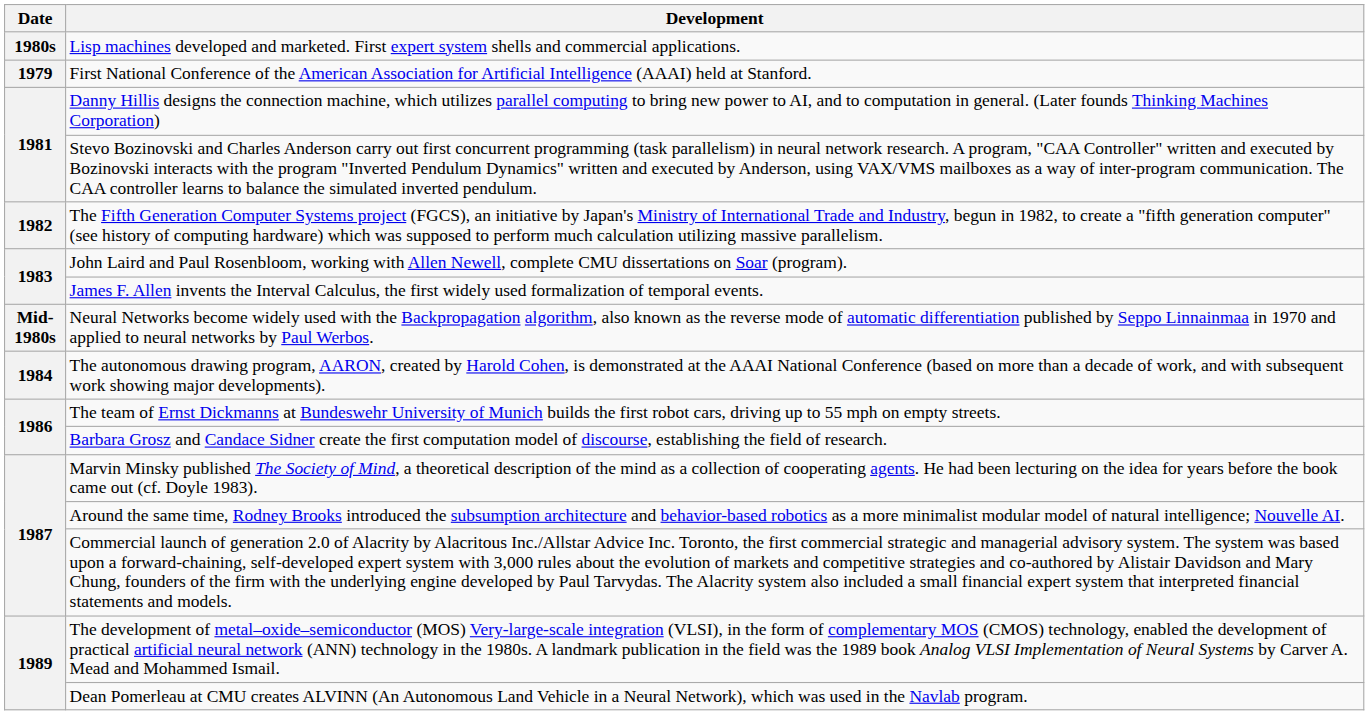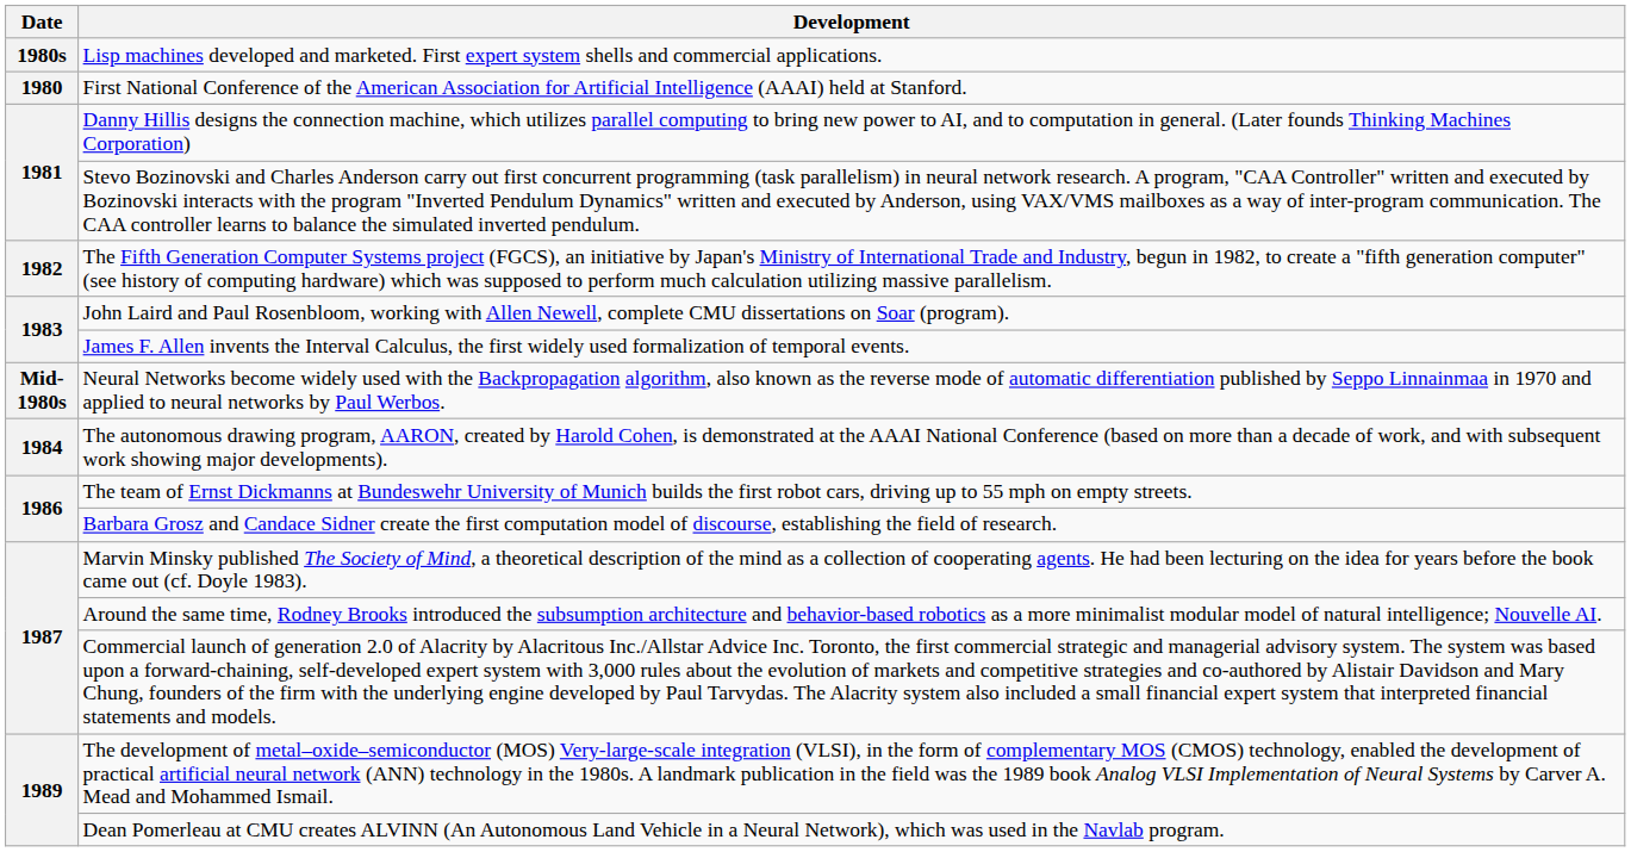 <table class="wikitable">
 <tr>
 <th>Date</th>
 <th>Development</th>
 </tr>
 <tr>
 <th>1980s</th>
 <td><a href='#'>Lisp machines</a> developed and marketed. First <a href='#'>expert system</a> shells and commercial applications.</td>
 </tr>
 <tr>
-<th>1979</th>
+<th>1980</th>
 <td>First National Conference of the <a href='#'>American Association for Artificial Intelligence</a> (AAAI) held at Stanford.</td>
 </tr>
 <tr>
 <th rowspan=2>1981</th>
 <td><a href='#'>Danny Hillis</a> designs the connection machine, which utilizes <a href='#'>parallel computing</a> to bring new power to AI, and to computation in general. (Later founds <a href='#'>Thinking Machines Corporation</a>)</td>
 </tr>
 <tr>
 <td>Stevo Bozinovski and Charles Anderson carry out first concurrent programming (task parallelism) in neural network research. A program, "CAA Controller" written and executed by Bozinovski interacts with the program "Inverted Pendulum Dynamics" written and executed by Anderson, using VAX/VMS mailboxes as a way of inter-program communication. The CAA controller learns to balance the simulated inverted pendulum.</td>
 </tr>
 <tr>
 <th>1982</th>
 <td>The <a href='#'>Fifth Generation Computer Systems project</a> (FGCS), an initiative by Japan's <a href='#'>Ministry of International Trade and Industry</a>, begun in 1982, to create a "fifth generation computer" (see history of computing hardware) which was supposed to perform much calculation utilizing massive parallelism.</td>
 </tr>
 <tr>
 <th rowspan=2>1983</th>
 <td>John Laird and Paul Rosenbloom, working with <a href='#'>Allen Newell</a>, complete CMU dissertations on <a href='#'>Soar</a> (program).</td>
 </tr>
 <tr>
 <td><a href='#'>James F. Allen</a> invents the Interval Calculus, the first widely used formalization of temporal events.</td>
 </tr>
 <tr>
 <th>Mid-1980s</th>
 <td>Neural Networks become widely used with the <a href='#'>Backpropagation</a> <a href='#'>algorithm</a>, also known as the reverse mode of <a href='#'>automatic differentiation</a> published by <a href='#'>Seppo Linnainmaa</a> in 1970 and applied to neural networks by <a href='#'>Paul Werbos</a>.</td>
 </tr>
 <tr>
 <th>1984</th>
 <td>The autonomous drawing program, <a href='#'>AARON</a>, created by <a href='#'>Harold Cohen</a>, is demonstrated at the AAAI National Conference (based on more than a decade of work, and with subsequent work showing major developments).</td>
 </tr>
 <tr>
 <th rowspan=2>1986</th>
 <td>The team of <a href='#'>Ernst Dickmanns</a> at <a href='#'>Bundeswehr University of Munich</a> builds the first robot cars, driving up to 55 mph on empty streets.</td>
 </tr>
 <tr>
 <td><a href='#'>Barbara Grosz</a> and <a href='#'>Candace Sidner</a> create the first computation model of <a href='#'>discourse</a>, establishing the field of research.</td>
 </tr>
 <tr>
 <th rowspan=3>1987</th>
 <td>Marvin Minsky published <em><a href='#'>The Society of Mind</a></em>, a theoretical description of the mind as a collection of cooperating <a href='#'>agents</a>.  He had been lecturing on the idea for years before the book came out (cf. Doyle 1983).</td>
 </tr>
 <tr>
 <td>Around the same time, <a href='#'>Rodney Brooks</a> introduced the <a href='#'>subsumption architecture</a> and <a href='#'>behavior-based robotics</a> as a more minimalist modular model of natural intelligence; <a href='#'>Nouvelle AI</a>.</td>
 </tr>
 <tr>
 <td>Commercial launch of generation 2.0 of Alacrity by Alacritous Inc./Allstar Advice Inc. Toronto, the first commercial strategic and managerial advisory system. The system was based upon a forward-chaining, self-developed expert system with 3,000 rules about the evolution of markets and competitive strategies and co-authored by Alistair Davidson and Mary Chung, founders of the firm with the underlying engine developed by Paul Tarvydas. The Alacrity system also included a small financial expert system that interpreted financial statements and models.</td>
 </tr>
 <tr>
 <th rowspan="2">1989</th>
 <td>The development of <a href='#'>metal–oxide–semiconductor</a> (MOS) <a href='#'>Very-large-scale integration</a> (VLSI), in the form of <a href='#'>complementary MOS</a> (CMOS) technology, enabled the development of practical <a href='#'>artificial neural network</a> (ANN) technology in the 1980s. A landmark publication in the field was the 1989 book <em>Analog VLSI Implementation of Neural Systems</em> by Carver A. Mead and Mohammed Ismail.</td>
 </tr>
 <tr>
 <td>Dean Pomerleau at CMU creates ALVINN (An Autonomous Land Vehicle in a Neural Network), which was used in the <a href='#'>Navlab</a> program.</td>
 </tr>
 </table>
